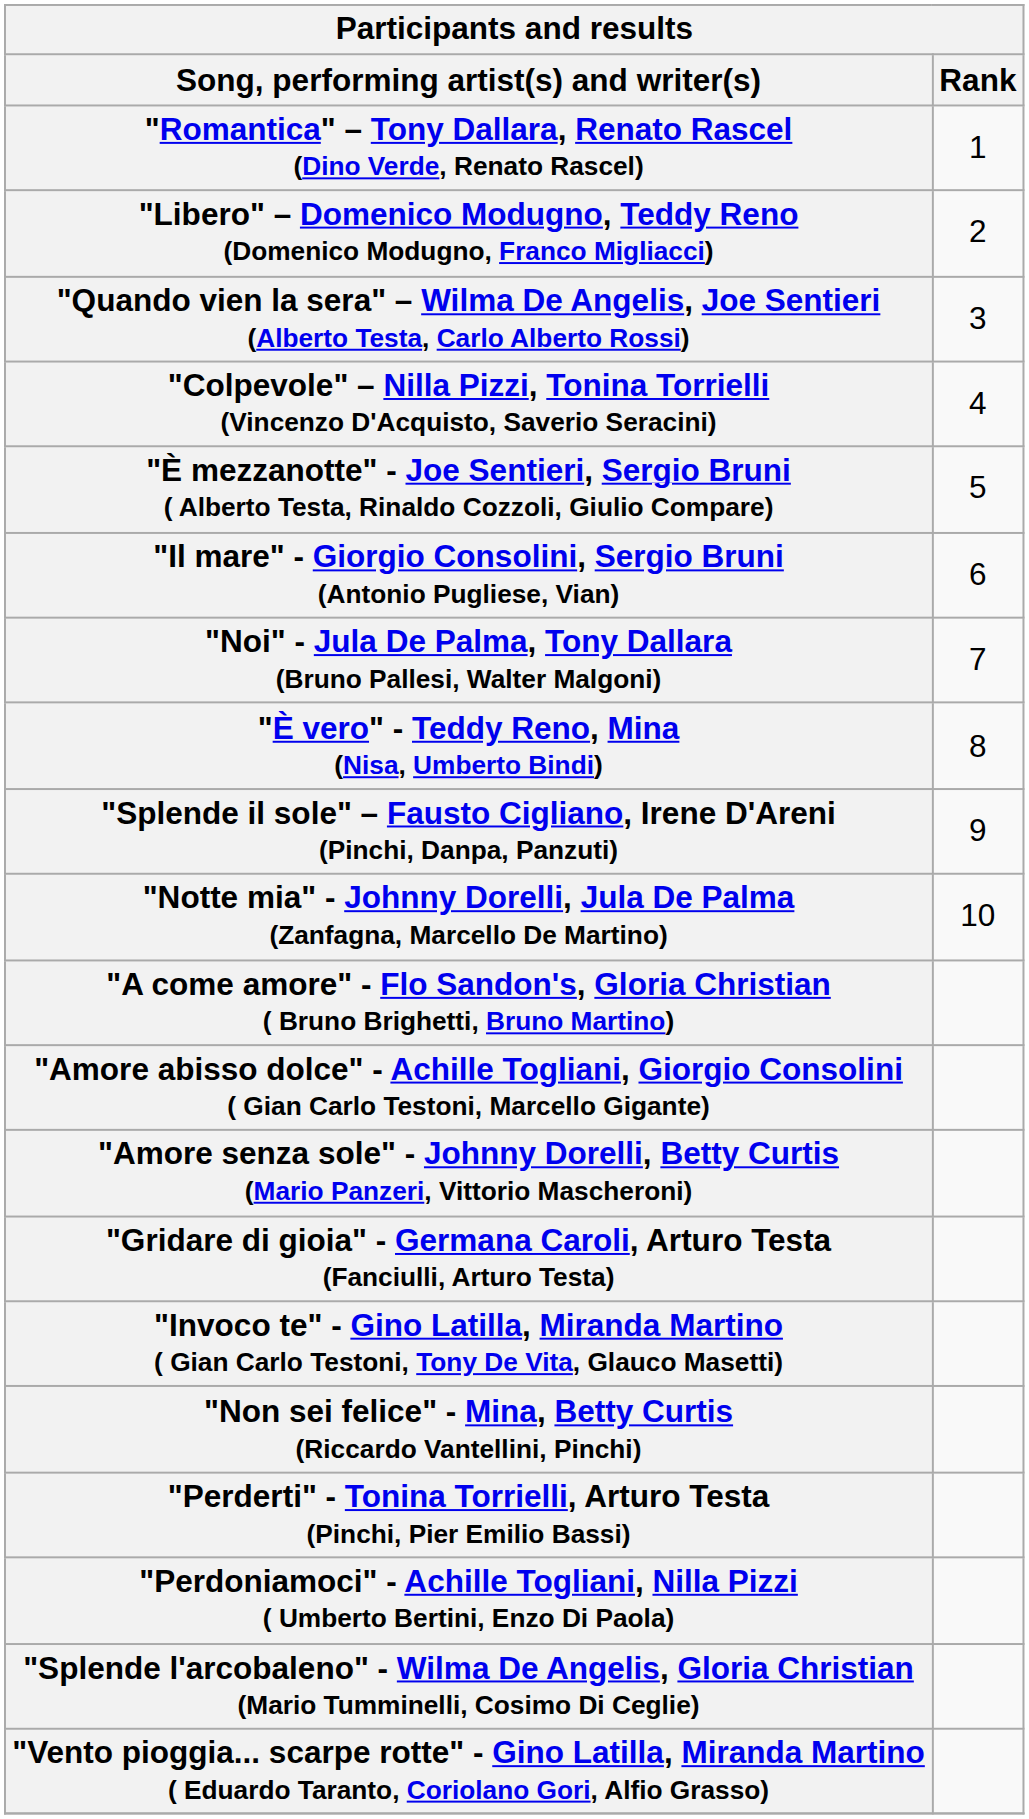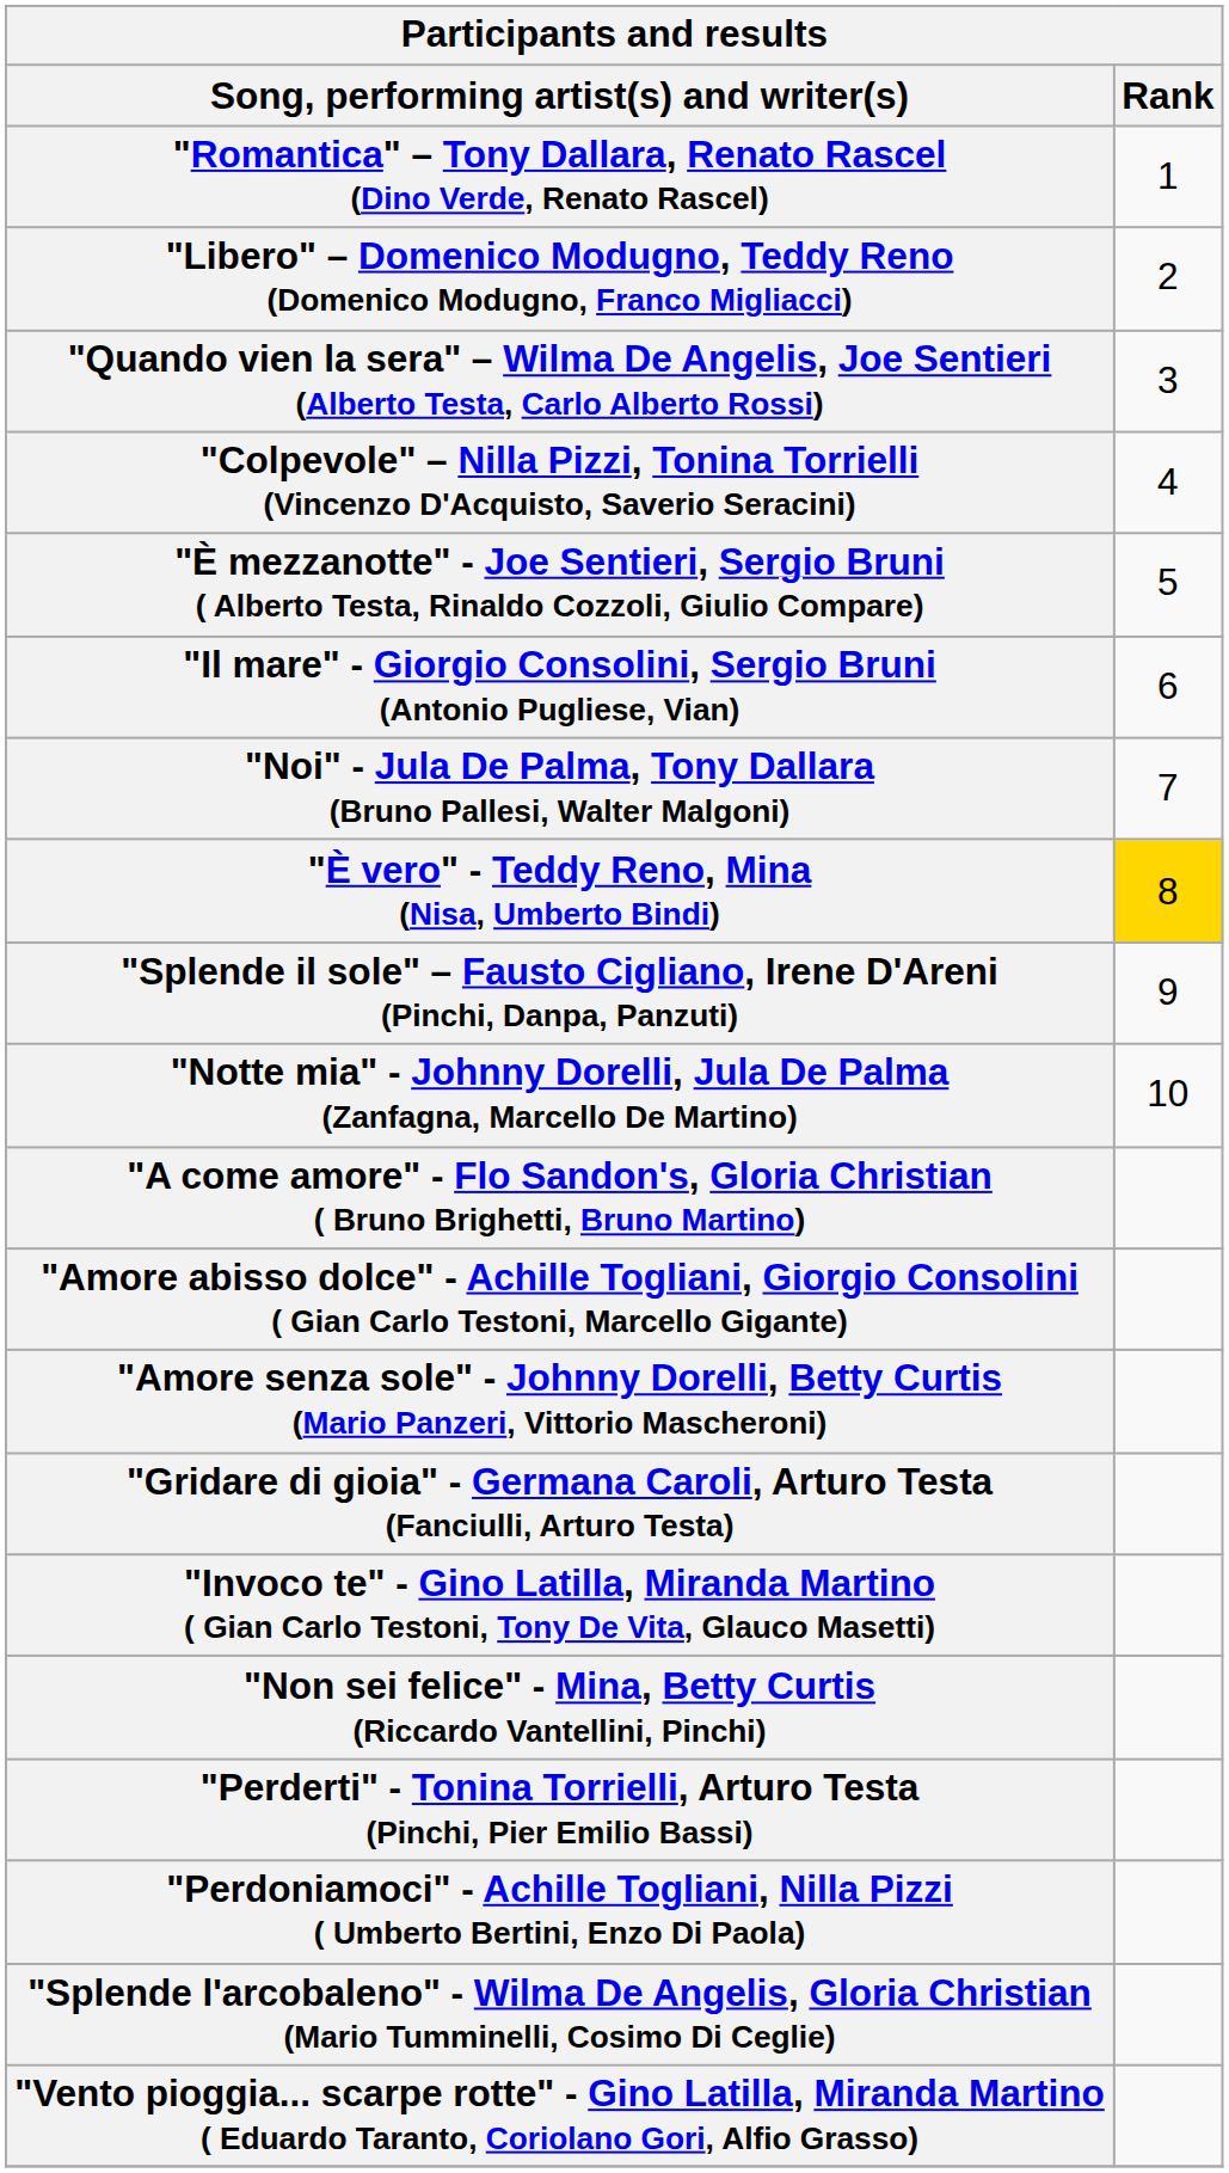 <table class="plainrowheaders wikitable">
 <tr>
 <th colspan="3">Participants and results</th>
 </tr>
 <tr>
 <th>Song, performing artist(s) and writer(s)</th>
 <th>Rank</th>
 </tr>
 <tr>
 <th scope="row">"<a href='#'>Romantica</a>" – <a href='#'>Tony Dallara</a>, <a href='#'>Renato Rascel</a>  <br><small> (<a href='#'>Dino Verde</a>, Renato Rascel) </small></th>
 <td style="text-align:center;">1</td>
 </tr>
 <tr>
 <th scope="row">"Libero" – <a href='#'>Domenico Modugno</a>, <a href='#'>Teddy Reno</a>  <br><small>   (Domenico Modugno, <a href='#'>Franco Migliacci</a>)   </small></th>
 <td style="text-align:center;">2</td>
 </tr>
 <tr>
 <th scope="row">"Quando vien la sera" – <a href='#'>Wilma De Angelis</a>, <a href='#'>Joe Sentieri</a>   <br><small> 	 (<a href='#'>Alberto Testa</a>, <a href='#'>Carlo Alberto Rossi</a>)</small></th>
 <td style="text-align:center;">3</td>
 </tr>
 <tr>
 <th scope="row">"Colpevole"  –  	<a href='#'>Nilla Pizzi</a>, <a href='#'>Tonina Torrielli</a>  <br><small>   (Vincenzo D'Acquisto, Saverio Seracini)</small></th>
 <td style="text-align:center;">4</td>
 </tr>
 <tr>
 <th scope="row">"È mezzanotte" - <a href='#'>Joe Sentieri</a>, <a href='#'>Sergio Bruni</a>   <br><small>    ( Alberto Testa, Rinaldo Cozzoli, Giulio Compare)</small></th>
 <td style="text-align:center;">5</td>
 </tr>
 <tr>
 <th scope="row">"Il mare" -  	<a href='#'>Giorgio Consolini</a>, <a href='#'>Sergio Bruni</a>  <br><small>  (Antonio Pugliese, Vian)</small></th>
 <td style="text-align:center;">6</td>
 </tr>
 <tr>
 <th scope="row">"Noi" - <a href='#'>Jula De Palma</a>, <a href='#'>Tony Dallara</a>  <br><small>   (Bruno Pallesi, Walter Malgoni)</small></th>
 <td style="text-align:center;">7</td>
 </tr>
 <tr>
 <th scope="row">"<a href='#'>È vero</a>" -  <a href='#'>Teddy Reno</a>, <a href='#'>Mina</a>  <br><small> 	 (<a href='#'>Nisa</a>, <a href='#'>Umberto Bindi</a>)</small></th>
-<td style="text-align:center;">8</td>
+<td style="background: gold; text-align:center;">8</td>
 </tr>
 <tr>
 <th scope="row">"Splende il sole" – 	<a href='#'>Fausto Cigliano</a>,   Irene D'Areni  <br><small>   (Pinchi, Danpa, Panzuti)</small></th>
 <td style="text-align:center;">9</td>
 </tr>
 <tr>
 <th scope="row">"Notte mia" -  	<a href='#'>Johnny Dorelli</a>, <a href='#'>Jula De Palma</a>   <br><small>   (Zanfagna, Marcello De Martino)</small></th>
 <td style="text-align:center;">10</td>
 </tr>
 <tr>
 <th scope="row">"A come amore" - <a href='#'>Flo Sandon's</a>, <a href='#'>Gloria Christian</a>  <br><small>  ( Bruno Brighetti, <a href='#'>Bruno Martino</a>)</small></th>
 <td></td>
 </tr>
 <tr>
 <th scope="row">"Amore abisso dolce" -   <a href='#'>Achille Togliani</a>, <a href='#'>Giorgio Consolini</a> <br><small> 	 ( Gian Carlo Testoni, Marcello Gigante)</small></th>
 <td></td>
 </tr>
 <tr>
 <th scope="row">"Amore senza sole" -  <a href='#'>Johnny Dorelli</a>, <a href='#'>Betty Curtis</a> <br><small> 	 (<a href='#'>Mario Panzeri</a>, Vittorio Mascheroni)</small></th>
 <td></td>
 </tr>
 <tr>
 <th scope="row">"Gridare di gioia" - <a href='#'>Germana Caroli</a>, Arturo Testa <br><small> 	(Fanciulli, Arturo Testa)</small></th>
 <td></td>
 </tr>
 <tr>
 <th scope="row">"Invoco te" - <a href='#'>Gino Latilla</a>, <a href='#'>Miranda Martino</a> <br><small>  ( Gian Carlo Testoni, <a href='#'>Tony De Vita</a>, Glauco Masetti)</small></th>
 <td></td>
 </tr>
 <tr>
 <th scope="row">"Non sei felice" - <a href='#'>Mina</a>, <a href='#'>Betty Curtis</a> <br><small>  (Riccardo Vantellini, Pinchi)</small></th>
 <td></td>
 </tr>
 <tr>
 <th scope="row">"Perderti" - <a href='#'>Tonina Torrielli</a>, Arturo Testa    <br><small>  (Pinchi, Pier Emilio Bassi) </small></th>
 <td></td>
 </tr>
 <tr>
 <th scope="row">"Perdoniamoci" -    <a href='#'>Achille Togliani</a>, <a href='#'>Nilla Pizzi</a>  <br><small>  ( Umberto Bertini, Enzo Di Paola)</small></th>
 <td></td>
 </tr>
 <tr>
 <th scope="row">"Splende l'arcobaleno" - <a href='#'>Wilma De Angelis</a>, <a href='#'>Gloria Christian</a> <br><small> 	 (Mario Tumminelli, Cosimo Di Ceglie)</small></th>
 <td></td>
 </tr>
 <tr>
 <th scope="row">"Vento pioggia... scarpe rotte" -     <a href='#'>Gino Latilla</a>, <a href='#'>Miranda Martino</a>  <br><small>  ( Eduardo Taranto, <a href='#'>Coriolano Gori</a>, Alfio Grasso)</small></th>
 <td></td>
 </tr>
 <tr>
 </tr>
 </table>
